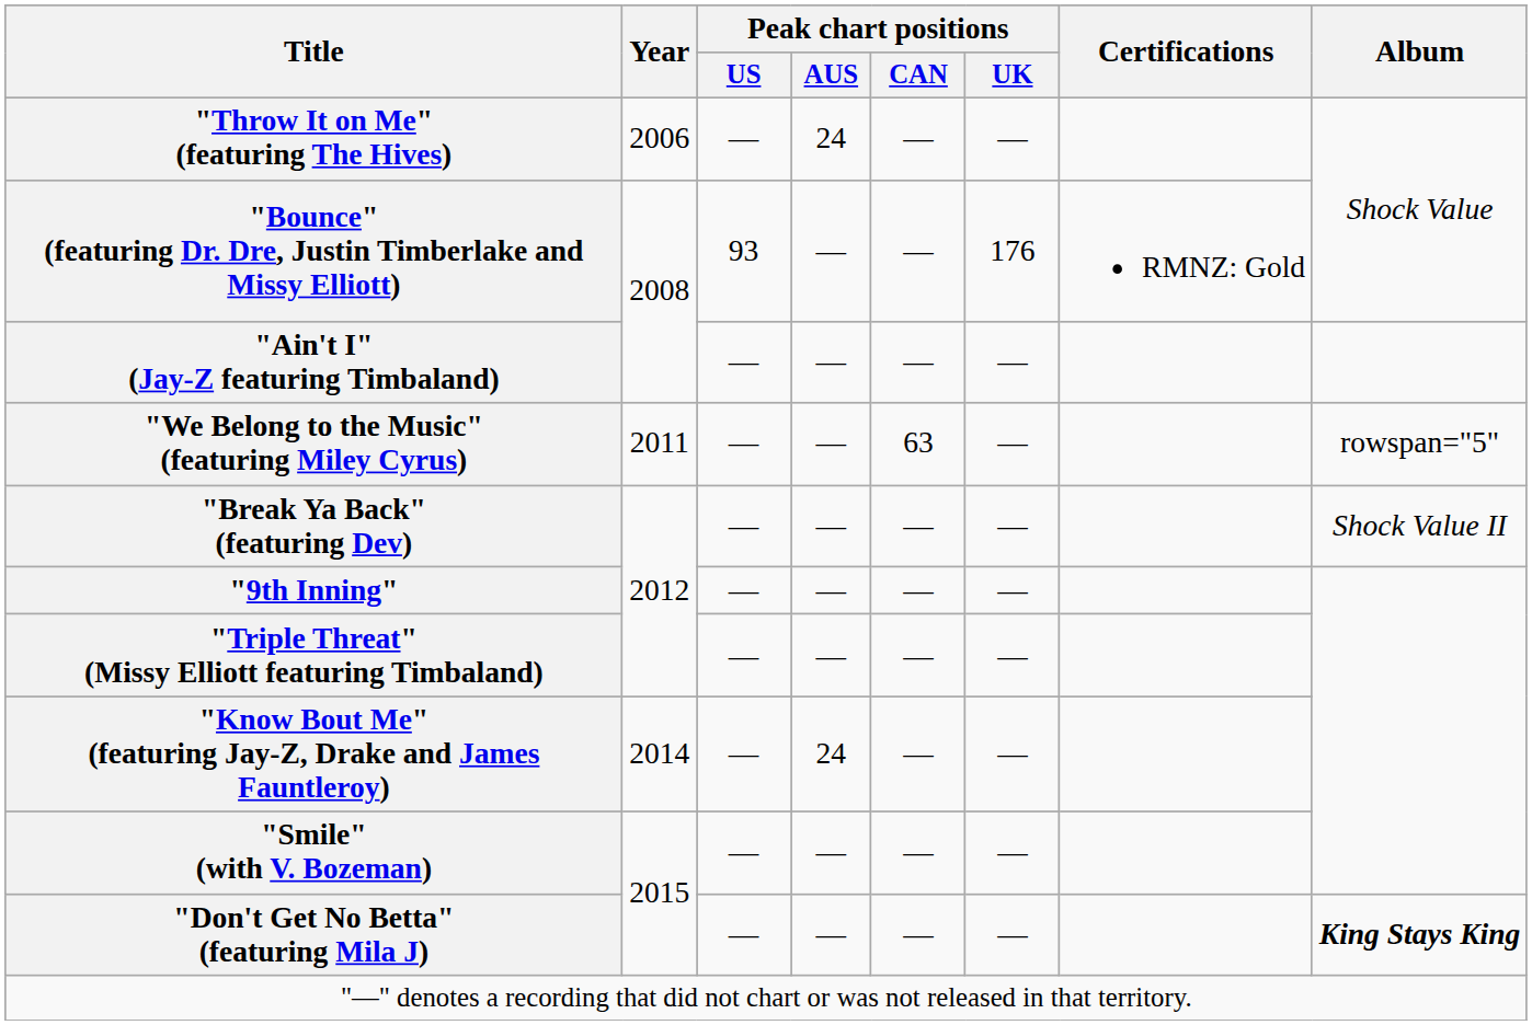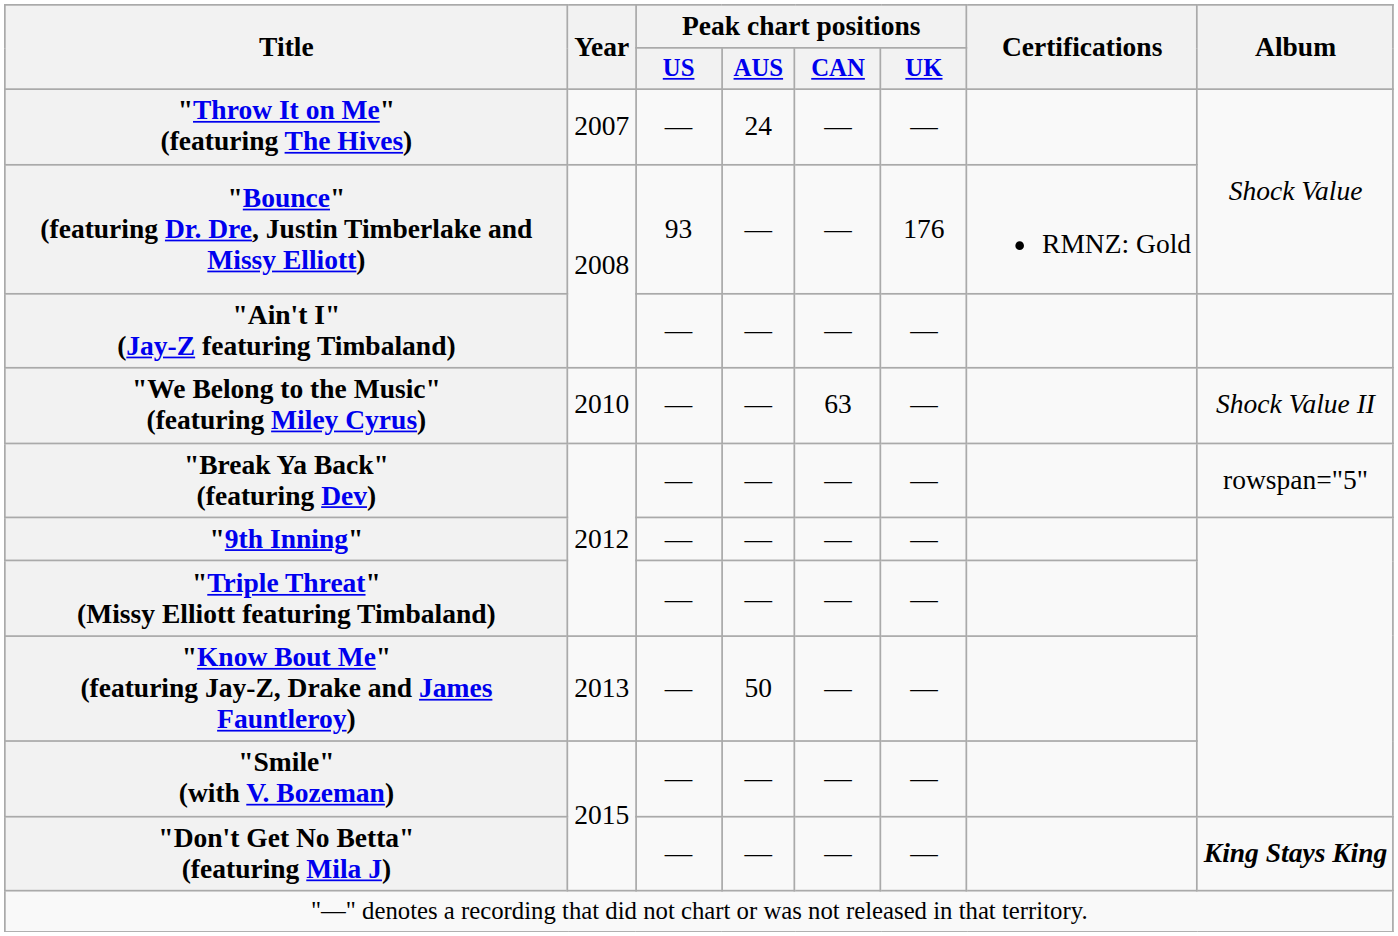 <table class="wikitable plainrowheaders" style="text-align:center;">
 <tr>
 <th scope="col" rowspan="2" style="width:20em;">Title</th>
 <th scope="col" rowspan="2">Year</th>
 <th scope="col" colspan="4">Peak chart positions</th>
 <th scope="col" rowspan="2">Certifications</th>
 <th scope="col" rowspan="2">Album</th>
 </tr>
 <tr>
 <th style="width:3em; font-size:90%"><a href='#'>US</a> <br></th>
 <th style="width:2.5em; font-size:90%"><a href='#'>AUS</a> <br></th>
 <th style="width:3em; font-size:90%"><a href='#'>CAN</a><br></th>
 <th style="width:3em; font-size:90%"><a href='#'>UK</a> <br></th>
 </tr>
 <tr>
 <th scope="row">"<a href='#'>Throw It on Me</a>" <br><span>(featuring <a href='#'>The Hives</a>)</span></th>
-<td>2006</td>
+<td>2007</td>
 <td>—</td>
 <td>24</td>
 <td>—</td>
 <td>—</td>
 <td></td>
 <td rowspan="2"><em>Shock Value</em></td>
 </tr>
 <tr>
 <th scope="row">"<a href='#'>Bounce</a>" <br><span>(featuring <a href='#'>Dr. Dre</a>, Justin Timberlake and <a href='#'>Missy Elliott</a>)</span></th>
 <td rowspan="2">2008</td>
 <td>93</td>
 <td>—</td>
 <td>—</td>
 <td>176</td>
 <td><br><ul><li>RMNZ: Gold</li></ul></td>
 </tr>
 <tr>
 <th scope="row">"Ain't I" <br><span>(<a href='#'>Jay-Z</a> featuring Timbaland)</span></th>
 <td>—</td>
 <td>—</td>
 <td>—</td>
 <td>—</td>
 <td></td>
 <td></td>
 </tr>
 <tr>
 <th scope="row">"We Belong to the Music" <br><span>(featuring <a href='#'>Miley Cyrus</a>)</span></th>
-<td>2011</td>
+<td>2010</td>
 <td>—</td>
 <td>—</td>
 <td>63</td>
 <td>—</td>
 <td></td>
-<td>rowspan="5" </td>
+<td><em>Shock Value II</em></td>
 </tr>
 <tr>
 <th scope="row">"Break Ya Back" <br><span>(featuring <a href='#'>Dev</a>)</span></th>
 <td rowspan="3">2012</td>
 <td>—</td>
 <td>—</td>
 <td>—</td>
 <td>—</td>
 <td></td>
-<td><em>Shock Value II</em></td>
+<td>rowspan="5" </td>
 </tr>
 <tr>
 <th scope="row">"<a href='#'>9th Inning</a>"<br><span></span></th>
 <td>—</td>
 <td>—</td>
 <td>—</td>
 <td>—</td>
 <td></td>
 </tr>
 <tr>
 <th scope="row">"<a href='#'>Triple Threat</a>"<br><span>(Missy Elliott featuring Timbaland)</span></th>
 <td>—</td>
 <td>—</td>
 <td>—</td>
 <td>—</td>
 <td></td>
 </tr>
 <tr>
 <th scope="row">"<a href='#'>Know Bout Me</a>" <br><span>(featuring Jay-Z, Drake and <a href='#'>James Fauntleroy</a>)</span></th>
-<td>2014</td>
+<td>2013</td>
 <td>—</td>
-<td>24</td>
+<td>50</td>
 <td>—</td>
 <td>—</td>
 <td></td>
 </tr>
 <tr>
 <th scope="row">"Smile"<br><span>(with <a href='#'>V. Bozeman</a>)</span></th>
 <td rowspan="2">2015</td>
 <td>—</td>
 <td>—</td>
 <td>—</td>
 <td>—</td>
 <td></td>
 </tr>
 <tr>
 <th scope="row">"Don't Get No Betta" <br><span>(featuring <a href='#'>Mila J</a>)</span></th>
 <td>—</td>
 <td>—</td>
 <td>—</td>
 <td>—</td>
 <td></td>
 <td><strong><em>King Stays King</em></strong></td>
 </tr>
 <tr>
 <td colspan="14" style="font-size:90%">"—" denotes a recording that did not chart or was not released in that territory.</td>
 </tr>
 </table>
